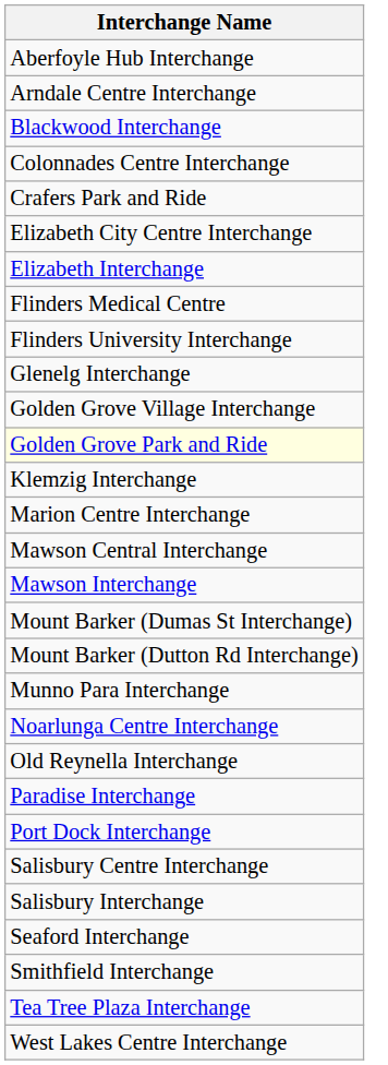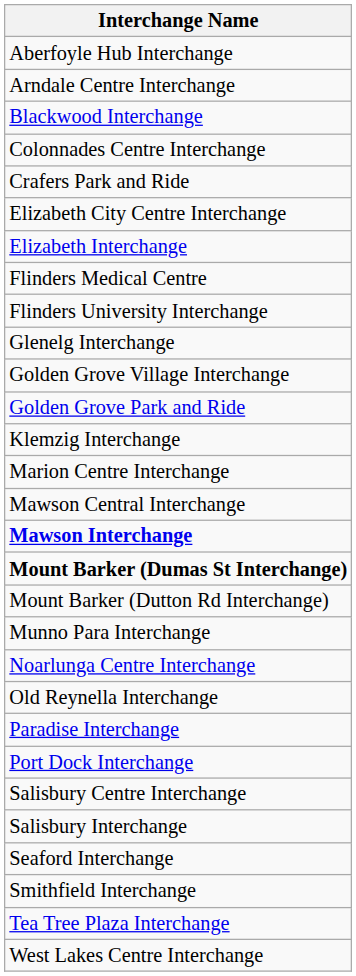 <table class="wikitable">
 <tr>
 <th>Interchange Name</th>
 </tr>
 <tr>
 <td>Aberfoyle Hub Interchange</td>
 </tr>
 <tr>
 <td>Arndale Centre Interchange</td>
 </tr>
 <tr>
 <td><a href='#'>Blackwood Interchange</a></td>
 </tr>
 <tr>
 <td>Colonnades Centre Interchange</td>
 </tr>
 <tr>
 <td>Crafers Park and Ride</td>
 </tr>
 <tr>
 <td>Elizabeth City Centre Interchange</td>
 </tr>
 <tr>
 <td><a href='#'>Elizabeth Interchange</a></td>
 </tr>
 <tr>
 <td>Flinders Medical Centre</td>
 </tr>
 <tr>
 <td>Flinders University Interchange</td>
 </tr>
 <tr>
 <td>Glenelg Interchange</td>
 </tr>
 <tr>
 <td>Golden Grove Village Interchange</td>
 </tr>
 <tr>
-<td style="background: lightyellow;"><a href='#'>Golden Grove Park and Ride</a></td>
+<td><a href='#'>Golden Grove Park and Ride</a></td>
 </tr>
 <tr>
 <td>Klemzig Interchange</td>
 </tr>
 <tr>
 <td>Marion Centre Interchange</td>
 </tr>
 <tr>
 <td>Mawson Central Interchange</td>
 </tr>
 <tr>
-<td><a href='#'>Mawson Interchange</a></td>
+<td><strong><a href='#'>Mawson Interchange</a></strong></td>
 </tr>
 <tr>
-<td>Mount Barker (Dumas St Interchange)</td>
+<td><strong>Mount Barker (Dumas St Interchange)</strong></td>
 </tr>
 <tr>
 <td>Mount Barker (Dutton Rd Interchange)</td>
 </tr>
 <tr>
 <td>Munno Para Interchange</td>
 </tr>
 <tr>
 <td><a href='#'>Noarlunga Centre Interchange</a></td>
 </tr>
 <tr>
 <td>Old Reynella Interchange</td>
 </tr>
 <tr>
 <td><a href='#'>Paradise Interchange</a></td>
 </tr>
 <tr>
 <td><a href='#'>Port Dock Interchange</a></td>
 </tr>
 <tr>
 <td>Salisbury Centre Interchange</td>
 </tr>
 <tr>
 <td>Salisbury Interchange</td>
 </tr>
 <tr>
 <td>Seaford Interchange</td>
 </tr>
 <tr>
 <td>Smithfield Interchange</td>
 </tr>
 <tr>
 <td><a href='#'>Tea Tree Plaza Interchange</a></td>
 </tr>
 <tr>
 <td>West Lakes Centre Interchange</td>
 </tr>
 </table>
